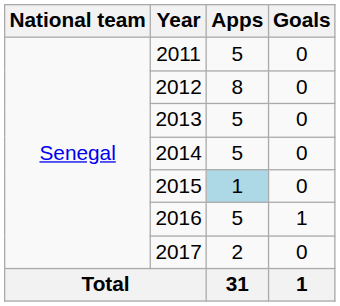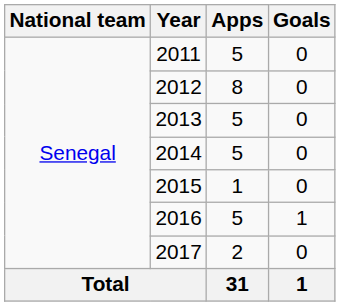 <table class="wikitable" style="text-align:center">
 <tr>
 <th>National team</th>
 <th>Year</th>
 <th>Apps</th>
 <th>Goals</th>
 </tr>
 <tr>
 <td rowspan="7"><a href='#'>Senegal</a></td>
 <td>2011</td>
 <td>5</td>
 <td>0</td>
 </tr>
 <tr>
 <td>2012</td>
 <td>8</td>
 <td>0</td>
 </tr>
 <tr>
 <td>2013</td>
 <td>5</td>
 <td>0</td>
 </tr>
 <tr>
 <td>2014</td>
 <td>5</td>
 <td>0</td>
 </tr>
 <tr>
 <td>2015</td>
-<td style="background: lightblue;">1</td>
+<td>1</td>
 <td>0</td>
 </tr>
 <tr>
 <td>2016</td>
 <td>5</td>
 <td>1</td>
 </tr>
 <tr>
 <td>2017</td>
 <td>2</td>
 <td>0</td>
 </tr>
 <tr>
 <th colspan="2">Total</th>
 <th>31</th>
 <th>1</th>
 </tr>
 </table>
